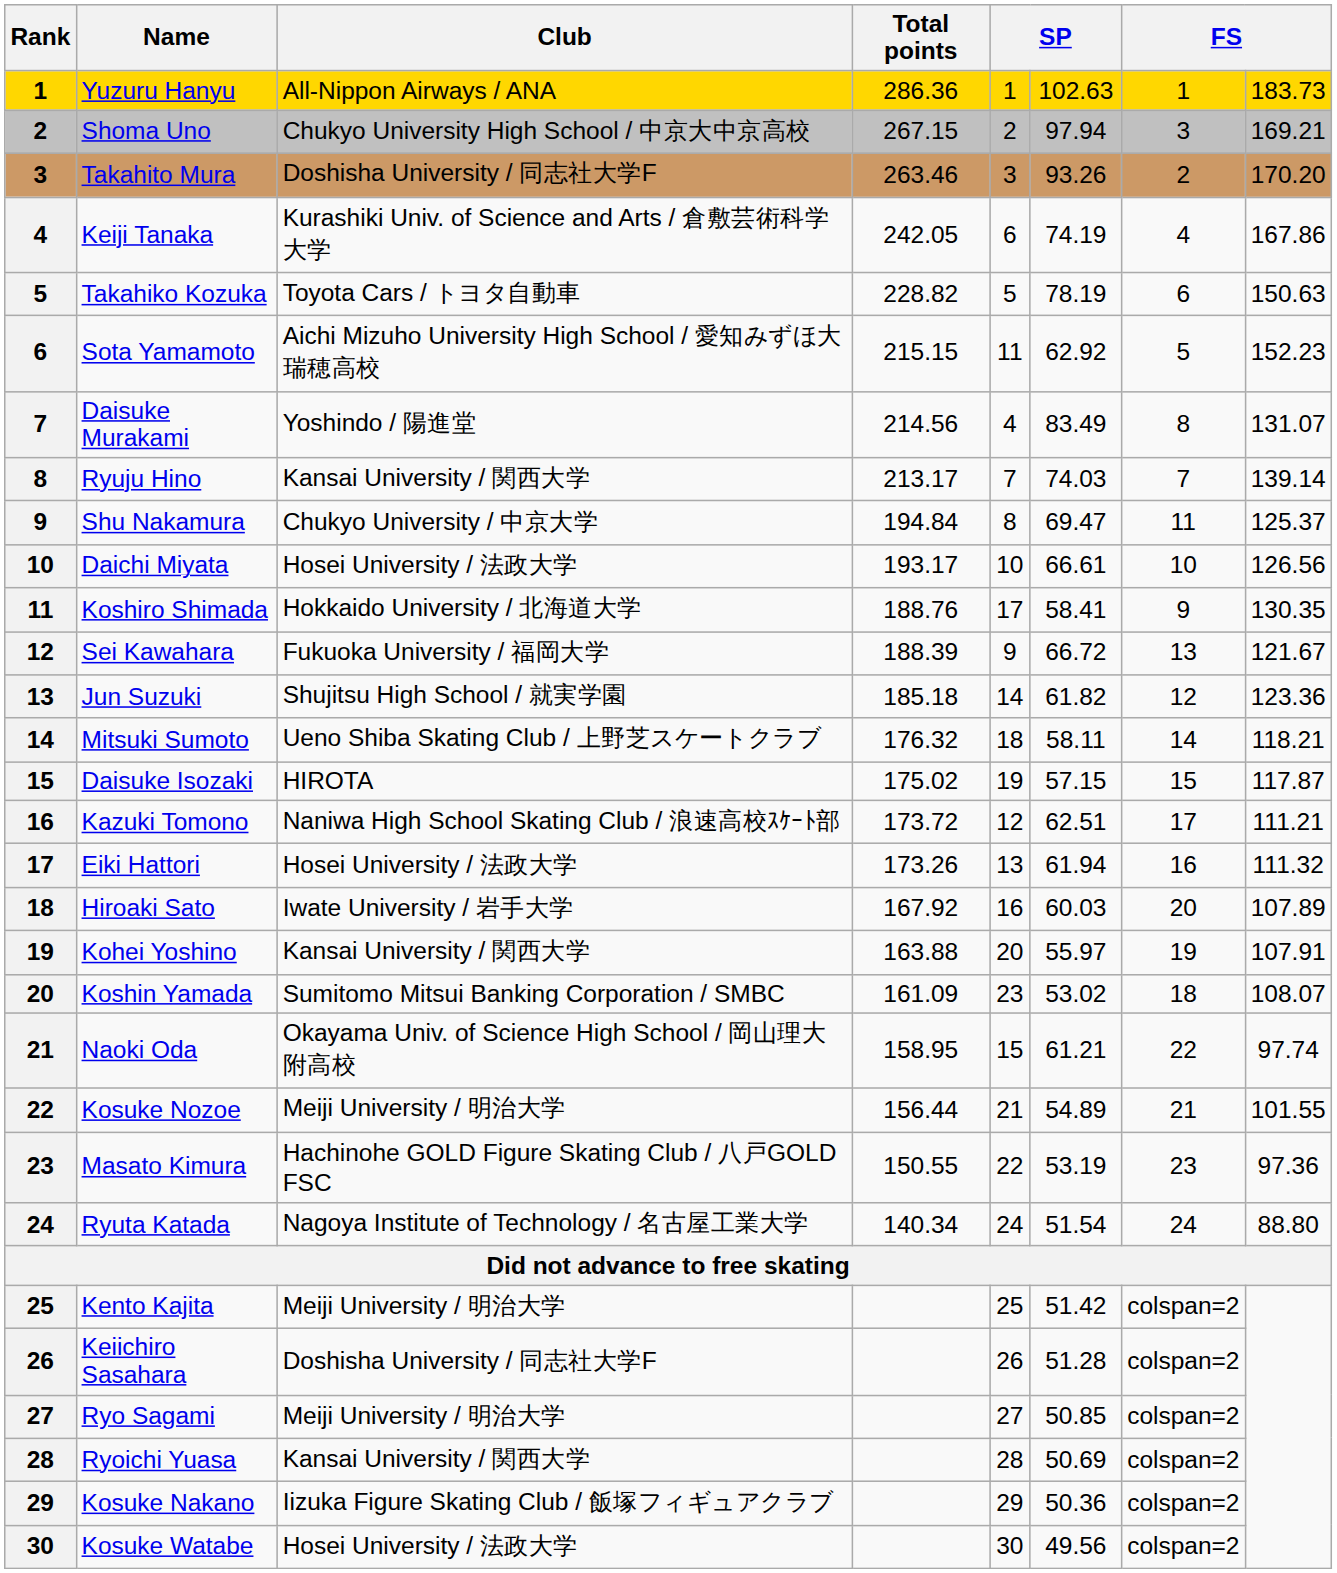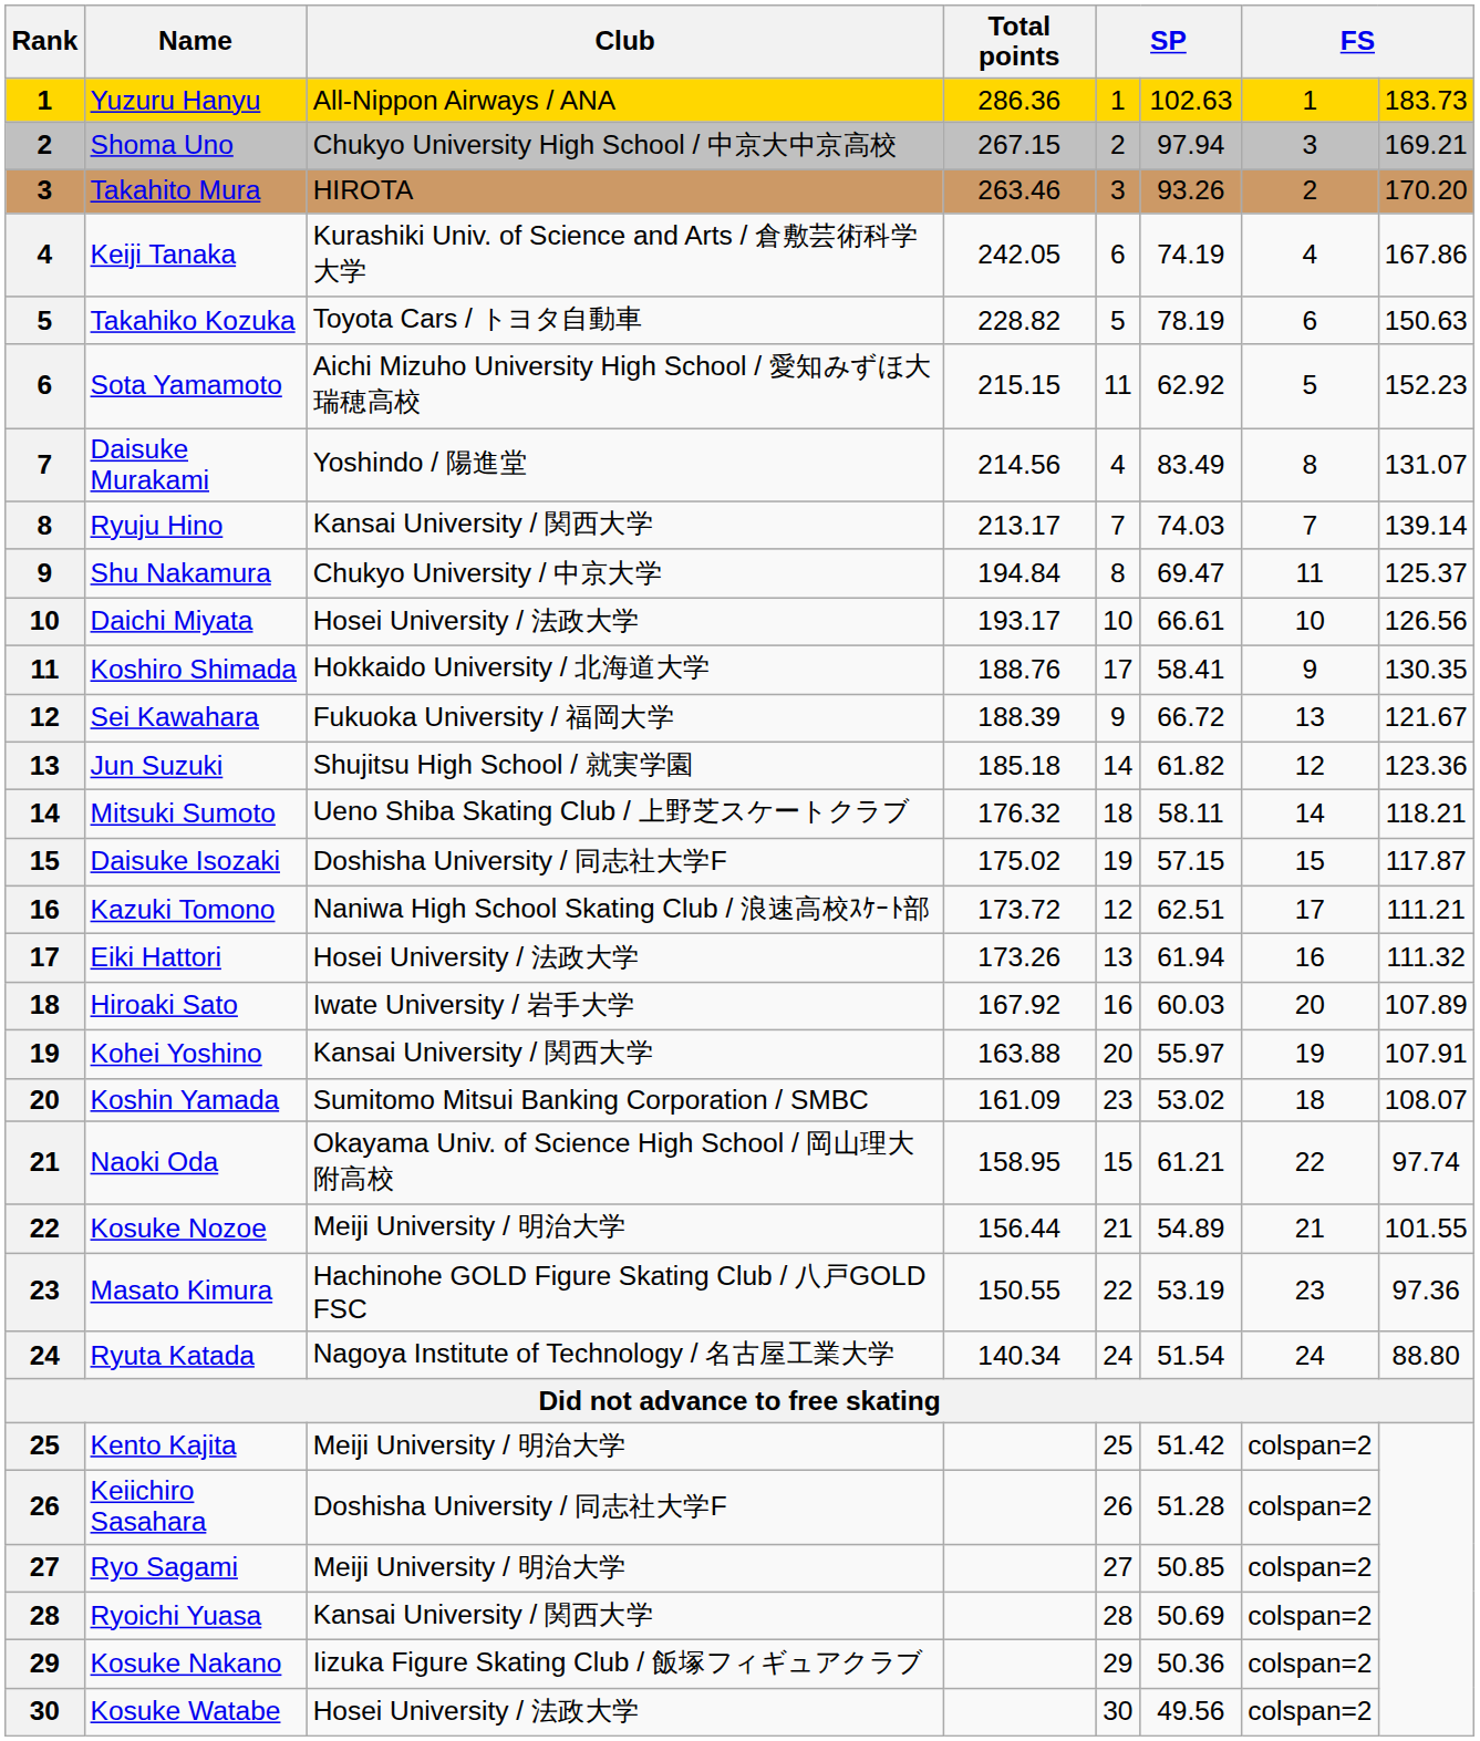 <table class="wikitable sortable">
 <tr>
 <th>Rank</th>
 <th>Name</th>
 <th>Club</th>
 <th>Total points</th>
 <th colspan="2" width="80px"><a href='#'>SP</a></th>
 <th colspan="2" width="80px"><a href='#'>FS</a></th>
 </tr>
 <tr bgcolor="gold">
 <td align="center"><strong>1</strong></td>
 <td><a href='#'>Yuzuru Hanyu</a></td>
 <td>All-Nippon Airways / ANA</td>
 <td align="center">286.36</td>
 <td align="center">1</td>
 <td align="center">102.63</td>
 <td align="center">1</td>
 <td align="center">183.73</td>
 </tr>
 <tr bgcolor="silver">
 <td align="center"><strong>2</strong></td>
 <td><a href='#'>Shoma Uno</a></td>
 <td>Chukyo University High School / 中京大中京高校</td>
 <td align="center">267.15</td>
 <td align="center">2</td>
 <td align="center">97.94</td>
 <td align="center">3</td>
 <td align="center">169.21</td>
 </tr>
 <tr bgcolor="cc9966">
 <td align="center"><strong>3</strong></td>
 <td><a href='#'>Takahito Mura</a></td>
-<td>Doshisha University / 同志社大学F</td>
+<td>HIROTA</td>
 <td align="center">263.46</td>
 <td align="center">3</td>
 <td align="center">93.26</td>
 <td align="center">2</td>
 <td align="center">170.20</td>
 </tr>
 <tr>
 <th>4</th>
 <td><a href='#'>Keiji Tanaka</a></td>
 <td>Kurashiki Univ. of Science and Arts / 倉敷芸術科学大学</td>
 <td align="center">242.05</td>
 <td align="center">6</td>
 <td align="center">74.19</td>
 <td align="center">4</td>
 <td align="center">167.86</td>
 </tr>
 <tr>
 <th>5</th>
 <td><a href='#'>Takahiko Kozuka</a></td>
 <td>Toyota Cars / トヨタ自動車</td>
 <td align="center">228.82</td>
 <td align="center">5</td>
 <td align="center">78.19</td>
 <td align="center">6</td>
 <td align="center">150.63</td>
 </tr>
 <tr>
 <th>6</th>
 <td><a href='#'>Sota Yamamoto</a></td>
 <td>Aichi Mizuho University High School / 愛知みずほ大瑞穂高校</td>
 <td align="center">215.15</td>
 <td align="center">11</td>
 <td align="center">62.92</td>
 <td align="center">5</td>
 <td align="center">152.23</td>
 </tr>
 <tr>
 <th>7</th>
 <td><a href='#'>Daisuke Murakami</a></td>
 <td>Yoshindo / 陽進堂</td>
 <td align="center">214.56</td>
 <td align="center">4</td>
 <td align="center">83.49</td>
 <td align="center">8</td>
 <td align="center">131.07</td>
 </tr>
 <tr>
 <th>8</th>
 <td><a href='#'>Ryuju Hino</a></td>
 <td>Kansai University / 関西大学</td>
 <td align="center">213.17</td>
 <td align="center">7</td>
 <td align="center">74.03</td>
 <td align="center">7</td>
 <td align="center">139.14</td>
 </tr>
 <tr>
 <th>9</th>
 <td><a href='#'>Shu Nakamura</a></td>
 <td>Chukyo University / 中京大学</td>
 <td align="center">194.84</td>
 <td align="center">8</td>
 <td align="center">69.47</td>
 <td align="center">11</td>
 <td align="center">125.37</td>
 </tr>
 <tr>
 <th>10</th>
 <td><a href='#'>Daichi Miyata</a></td>
 <td>Hosei University / 法政大学</td>
 <td align="center">193.17</td>
 <td align="center">10</td>
 <td align="center">66.61</td>
 <td align="center">10</td>
 <td align="center">126.56</td>
 </tr>
 <tr>
 <th>11</th>
 <td><a href='#'>Koshiro Shimada</a></td>
 <td>Hokkaido University / 北海道大学</td>
 <td align="center">188.76</td>
 <td align="center">17</td>
 <td align="center">58.41</td>
 <td align="center">9</td>
 <td align="center">130.35</td>
 </tr>
 <tr>
 <th>12</th>
 <td><a href='#'>Sei Kawahara</a></td>
 <td>Fukuoka University / 福岡大学</td>
 <td align="center">188.39</td>
 <td align="center">9</td>
 <td align="center">66.72</td>
 <td align="center">13</td>
 <td align="center">121.67</td>
 </tr>
 <tr>
 <th>13</th>
 <td><a href='#'>Jun Suzuki</a></td>
 <td>Shujitsu High School / 就実学園</td>
 <td align="center">185.18</td>
 <td align="center">14</td>
 <td align="center">61.82</td>
 <td align="center">12</td>
 <td align="center">123.36</td>
 </tr>
 <tr>
 <th>14</th>
 <td><a href='#'>Mitsuki Sumoto</a></td>
 <td>Ueno Shiba Skating Club / 上野芝スケートクラブ</td>
 <td align="center">176.32</td>
 <td align="center">18</td>
 <td align="center">58.11</td>
 <td align="center">14</td>
 <td align="center">118.21</td>
 </tr>
 <tr>
 <th>15</th>
 <td><a href='#'>Daisuke Isozaki</a></td>
-<td>HIROTA</td>
+<td>Doshisha University / 同志社大学F</td>
 <td align="center">175.02</td>
 <td align="center">19</td>
 <td align="center">57.15</td>
 <td align="center">15</td>
 <td align="center">117.87</td>
 </tr>
 <tr>
 <th>16</th>
 <td><a href='#'>Kazuki Tomono</a></td>
 <td>Naniwa High School Skating Club / 浪速高校ｽｹｰﾄ部</td>
 <td align="center">173.72</td>
 <td align="center">12</td>
 <td align="center">62.51</td>
 <td align="center">17</td>
 <td align="center">111.21</td>
 </tr>
 <tr>
 <th>17</th>
 <td><a href='#'>Eiki Hattori</a></td>
 <td>Hosei University / 法政大学</td>
 <td align="center">173.26</td>
 <td align="center">13</td>
 <td align="center">61.94</td>
 <td align="center">16</td>
 <td align="center">111.32</td>
 </tr>
 <tr>
 <th>18</th>
 <td><a href='#'>Hiroaki Sato</a></td>
 <td>Iwate University / 岩手大学</td>
 <td align="center">167.92</td>
 <td align="center">16</td>
 <td align="center">60.03</td>
 <td align="center">20</td>
 <td align="center">107.89</td>
 </tr>
 <tr>
 <th>19</th>
 <td><a href='#'>Kohei Yoshino</a></td>
 <td>Kansai University / 関西大学</td>
 <td align="center">163.88</td>
 <td align="center">20</td>
 <td align="center">55.97</td>
 <td align="center">19</td>
 <td align="center">107.91</td>
 </tr>
 <tr>
 <th>20</th>
 <td><a href='#'>Koshin Yamada</a></td>
 <td>Sumitomo Mitsui Banking Corporation / SMBC</td>
 <td align="center">161.09</td>
 <td align="center">23</td>
 <td align="center">53.02</td>
 <td align="center">18</td>
 <td align="center">108.07</td>
 </tr>
 <tr>
 <th>21</th>
 <td><a href='#'>Naoki Oda</a></td>
 <td>Okayama Univ. of Science High School / 岡山理大附高校</td>
 <td align="center">158.95</td>
 <td align="center">15</td>
 <td align="center">61.21</td>
 <td align="center">22</td>
 <td align="center">97.74</td>
 </tr>
 <tr>
 <th>22</th>
 <td><a href='#'>Kosuke Nozoe</a></td>
 <td>Meiji University / 明治大学</td>
 <td align="center">156.44</td>
 <td align="center">21</td>
 <td align="center">54.89</td>
 <td align="center">21</td>
 <td align="center">101.55</td>
 </tr>
 <tr>
 <th>23</th>
 <td><a href='#'>Masato Kimura</a></td>
 <td>Hachinohe GOLD Figure Skating Club / 八戸GOLD FSC</td>
 <td align="center">150.55</td>
 <td align="center">22</td>
 <td align="center">53.19</td>
 <td align="center">23</td>
 <td align="center">97.36</td>
 </tr>
 <tr>
 <th>24</th>
 <td><a href='#'>Ryuta Katada</a></td>
 <td>Nagoya Institute of Technology / 名古屋工業大学</td>
 <td align="center">140.34</td>
 <td align="center">24</td>
 <td align="center">51.54</td>
 <td align="center">24</td>
 <td align="center">88.80</td>
 </tr>
 <tr>
 <th colspan=8>Did not advance to free skating</th>
 </tr>
 <tr>
 <th>25</th>
 <td><a href='#'>Kento Kajita</a></td>
 <td>Meiji University / 明治大学</td>
 <td></td>
 <td align="center">25</td>
 <td align="center">51.42</td>
 <td>colspan=2 </td>
 </tr>
 <tr>
 <th>26</th>
 <td><a href='#'>Keiichiro Sasahara</a></td>
 <td>Doshisha University / 同志社大学F</td>
 <td></td>
 <td align="center">26</td>
 <td align="center">51.28</td>
 <td>colspan=2 </td>
 </tr>
 <tr>
 <th>27</th>
 <td><a href='#'>Ryo Sagami</a></td>
 <td>Meiji University / 明治大学</td>
 <td></td>
 <td align="center">27</td>
 <td align="center">50.85</td>
 <td>colspan=2 </td>
 </tr>
 <tr>
 <th>28</th>
 <td><a href='#'>Ryoichi Yuasa</a></td>
 <td>Kansai University / 関西大学</td>
 <td></td>
 <td align="center">28</td>
 <td align="center">50.69</td>
 <td>colspan=2 </td>
 </tr>
 <tr>
 <th>29</th>
 <td><a href='#'>Kosuke Nakano</a></td>
 <td>Iizuka Figure Skating Club / 飯塚フィギュアクラブ</td>
 <td></td>
 <td align="center">29</td>
 <td align="center">50.36</td>
 <td>colspan=2 </td>
 </tr>
 <tr>
 <th>30</th>
 <td><a href='#'>Kosuke Watabe</a></td>
 <td>Hosei University / 法政大学</td>
 <td></td>
 <td align="center">30</td>
 <td align="center">49.56</td>
 <td>colspan=2 </td>
 </tr>
 </table>
